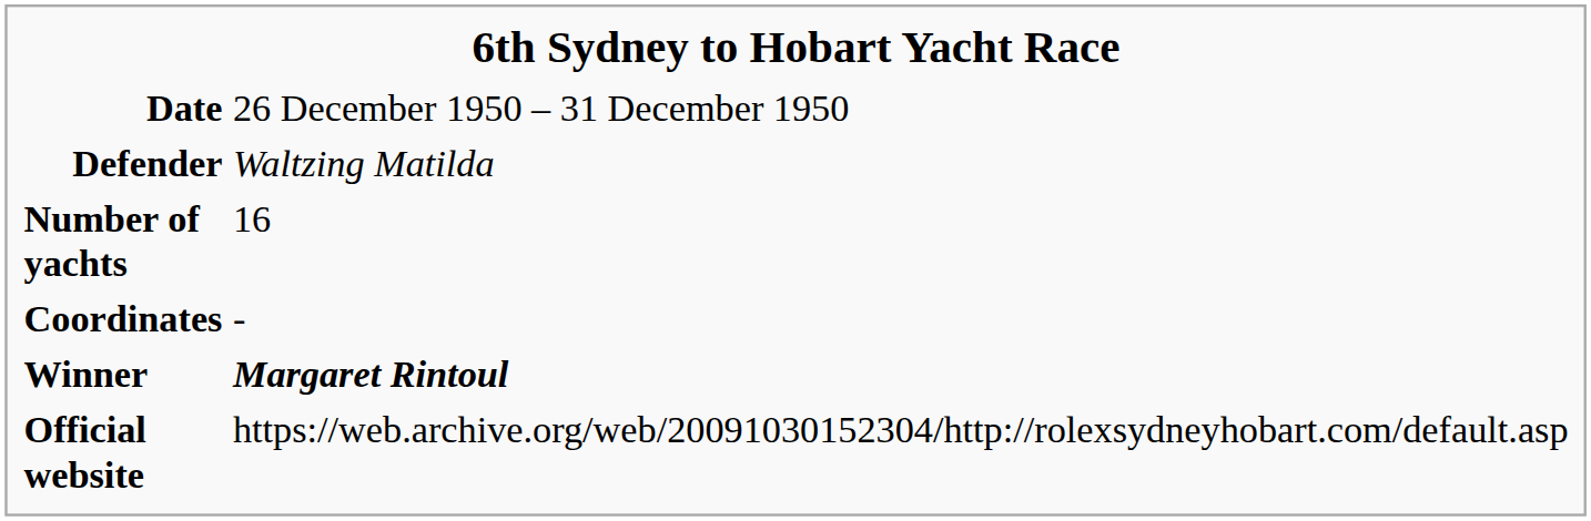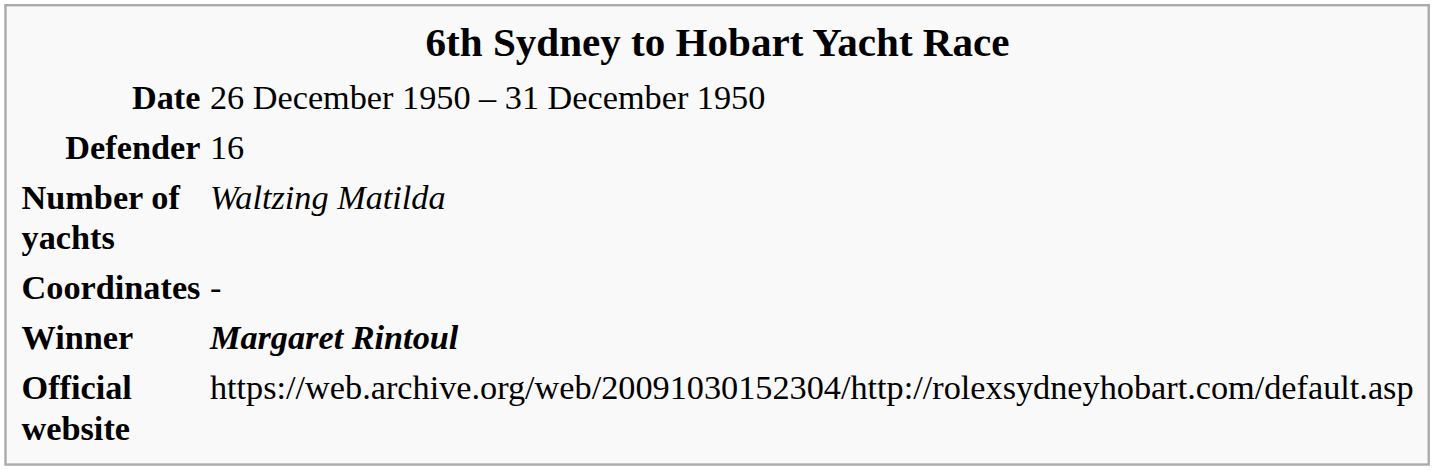 <table class="infobox" style="width: 23em; font-size: 90%">
 <tr>
 <th colspan="2" style="text-align: center; font-size: larger;"><strong>6th Sydney to Hobart Yacht Race</strong></th>
 </tr>
 <tr>
 <td style="text-align: right;"><strong>Date</strong></td>
 <td>26 December 1950 – 31 December 1950</td>
 </tr>
 <tr>
 <td style="text-align: right;"><strong>Defender</strong></td>
-<td><em>Waltzing Matilda</em></td>
+<td>16</td>
 </tr>
 <tr>
 <td><strong>Number of yachts</strong></td>
-<td>16</td>
+<td><em>Waltzing Matilda</em></td>
 </tr>
 <tr>
 <td><strong>Coordinates</strong></td>
 <td>-<br></td>
 </tr>
 <tr>
 <td><strong>Winner</strong></td>
 <td><strong><em>Margaret Rintoul</em></strong></td>
 </tr>
 <tr>
 <td><strong>Official website</strong></td>
 <td>https://web.archive.org/web/20091030152304/http://rolexsydneyhobart.com/default.asp</td>
 </tr>
 </table>
